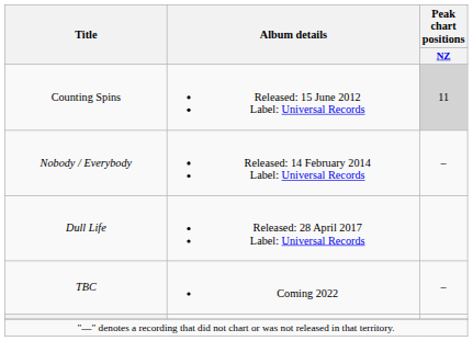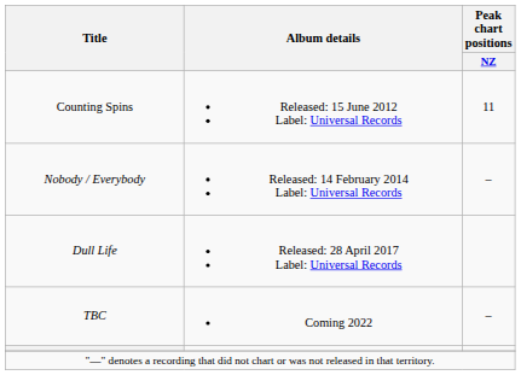 <table class="wikitable plainrowheaders" style="text-align:center;" border="1">
 <tr>
 <th scope="col" rowspan="2" style="width:14em;">Title</th>
 <th scope="col" rowspan="2" style="width:22em;">Album details</th>
 <th scope="col">Peak chart positions</th>
 </tr>
 <tr>
 <th scope="col" style="width:4em;font-size:90%;"><a href='#'>NZ</a><br></th>
 </tr>
 <tr>
 <td scope="row">Counting Spins</td>
 <td><br><ul><li>Released: 15 June 2012</li><li>Label: <a href='#'>Universal Records</a></li></ul></td>
-<td style="background: lightgrey;">11</td>
+<td>11</td>
 </tr>
 <tr>
 <td scope="row"><em>Nobody / Everybody</em></td>
 <td><br><ul><li>Released: 14 February 2014</li><li>Label: <a href='#'>Universal Records</a></li></ul></td>
 <td>–</td>
 </tr>
 <tr>
 <td><em>Dull Life</em></td>
 <td><br><ul><li>Released: 28 April 2017</li><li>Label: <a href='#'>Universal Records</a></li></ul></td>
 <td></td>
 </tr>
 <tr>
 <td scope="row"><em>TBC</em></td>
 <td><br><ul><li>Coming 2022</li></ul></td>
 <td>–</td>
 </tr>
 <tr>
 <th></th>
 <td></td>
 <td></td>
 </tr>
 <tr>
 </tr>
 <tr>
 <td colspan="5" style="font-size:90%">"—" denotes a recording that did not chart or was not released in that territory.</td>
 </tr>
 </table>
